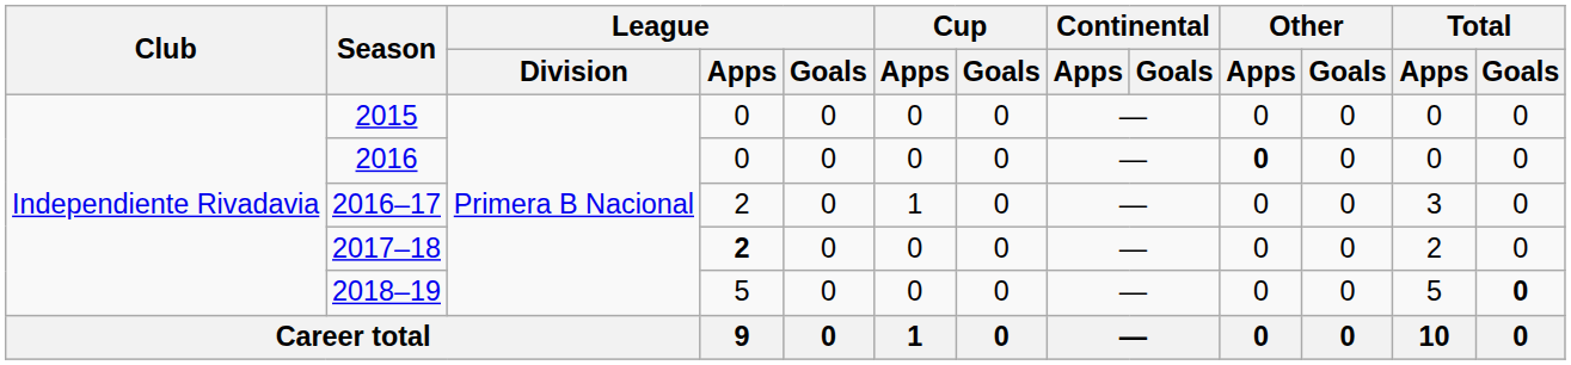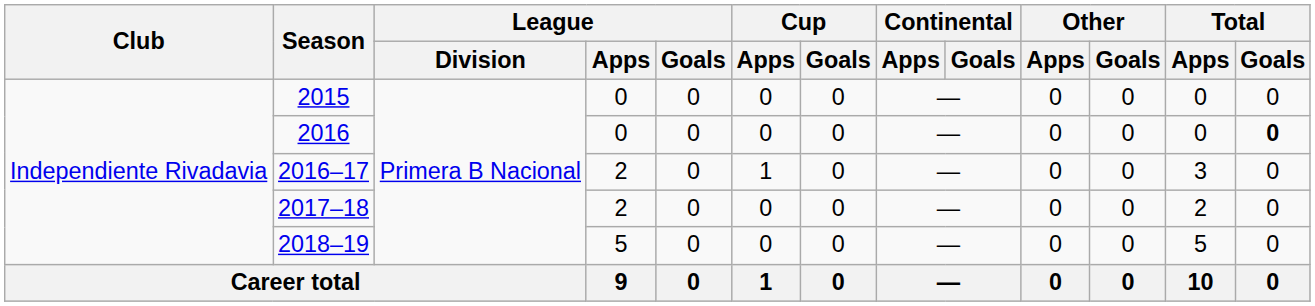 <table class="wikitable" style="text-align:center">
 <tr>
 <th rowspan="2">Club</th>
 <th rowspan="2">Season</th>
 <th colspan="3">League</th>
 <th colspan="2">Cup</th>
 <th colspan="2">Continental</th>
 <th colspan="2">Other</th>
 <th colspan="2">Total</th>
 </tr>
 <tr>
 <th>Division</th>
 <th>Apps</th>
 <th>Goals</th>
 <th>Apps</th>
 <th>Goals</th>
 <th>Apps</th>
 <th>Goals</th>
 <th>Apps</th>
 <th>Goals</th>
 <th>Apps</th>
 <th>Goals</th>
 </tr>
 <tr>
 <td rowspan="5"><a href='#'>Independiente Rivadavia</a></td>
 <td><a href='#'>2015</a></td>
 <td rowspan="5"><a href='#'>Primera B Nacional</a></td>
 <td>0</td>
 <td>0</td>
 <td>0</td>
 <td>0</td>
 <td colspan="2">—</td>
 <td>0</td>
 <td>0</td>
 <td>0</td>
 <td>0</td>
 </tr>
 <tr>
 <td><a href='#'>2016</a></td>
 <td>0</td>
 <td>0</td>
 <td>0</td>
 <td>0</td>
 <td colspan="2">—</td>
-<td><strong>0</strong></td>
 <td>0</td>
 <td>0</td>
 <td>0</td>
+<td><strong>0</strong></td>
 </tr>
 <tr>
 <td><a href='#'>2016–17</a></td>
 <td>2</td>
 <td>0</td>
 <td>1</td>
 <td>0</td>
 <td colspan="2">—</td>
 <td>0</td>
 <td>0</td>
 <td>3</td>
 <td>0</td>
 </tr>
 <tr>
 <td><a href='#'>2017–18</a></td>
-<td><strong>2</strong></td>
+<td>2</td>
 <td>0</td>
 <td>0</td>
 <td>0</td>
 <td colspan="2">—</td>
 <td>0</td>
 <td>0</td>
 <td>2</td>
 <td>0</td>
 </tr>
 <tr>
 <td><a href='#'>2018–19</a></td>
 <td>5</td>
 <td>0</td>
 <td>0</td>
 <td>0</td>
 <td colspan="2">—</td>
 <td>0</td>
 <td>0</td>
 <td>5</td>
-<td><strong>0</strong></td>
+<td>0</td>
 </tr>
 <tr>
 <th colspan="3">Career total</th>
 <th>9</th>
 <th>0</th>
 <th>1</th>
 <th>0</th>
 <th colspan="2">—</th>
 <th>0</th>
 <th>0</th>
 <th>10</th>
 <th>0</th>
 </tr>
 </table>
